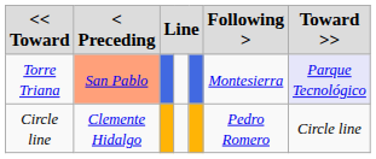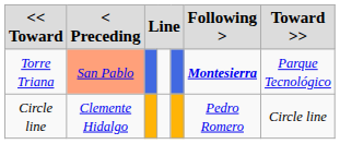 <table align=center class="wikitable center;" width="50%">
 <tr style=background:#DCDCDC align=center>
 <td><strong><< Toward</strong></td>
 <td><strong>< Preceding</strong></td>
 <td colspan="3"><strong>Line</strong></td>
 <td><strong>Following ></strong></td>
 <td><strong>Toward >></strong></td>
 </tr>
 <tr align=center>
 <td><small><em><a href='#'>Torre Triana</a></em></small></td>
 <td style="background: lightsalmon;"><small><em><a href='#'>San Pablo</a></em></small></td>
 <td + style=background:royalblue></td>
 <td></td>
 <td + style=background:royalblue></td>
-<td><small><em><a href='#'>Montesierra</a></em></small></td>
-<td style="background: lavender;"><small><em><a href='#'>Parque Tecnológico</a></em></small></td>
+<td><strong><small><em><a href='#'>Montesierra</a></em></small></strong></td>
+<td><small><em><a href='#'>Parque Tecnológico</a></em></small></td>
 </tr>
 <tr align=center>
 <td><small><em>Circle line</em></small></td>
 <td><small><em><a href='#'>Clemente Hidalgo</a></em></small></td>
 <td + style=background:#FFB406></td>
 <td></td>
 <td + style=background:#FFB406></td>
 <td><small><em><a href='#'>Pedro Romero</a></em></small></td>
 <td><small><em>Circle line</em></small></td>
 </tr>
 </table>
